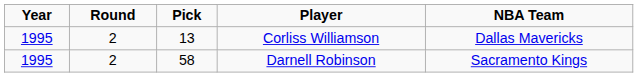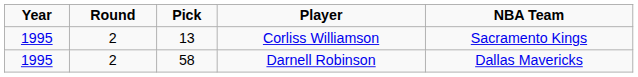 <table class="wikitable sortable" width="80%">
 <tr align="center">
 <td><strong>Year</strong></td>
 <td><strong>Round</strong></td>
 <td><strong>Pick</strong></td>
 <td><strong>Player</strong></td>
 <td><strong>NBA Team</strong></td>
 </tr>
 <tr align="center" bgcolor="">
 <td><a href='#'>1995</a></td>
 <td>2</td>
 <td>13</td>
 <td><a href='#'>Corliss Williamson</a></td>
-<td><a href='#'>Dallas Mavericks</a></td>
+<td><a href='#'>Sacramento Kings</a></td>
 </tr>
 <tr align="center" bgcolor="">
 <td><a href='#'>1995</a></td>
 <td>2</td>
 <td>58</td>
 <td><a href='#'>Darnell Robinson</a></td>
-<td><a href='#'>Sacramento Kings</a></td>
+<td><a href='#'>Dallas Mavericks</a></td>
 </tr>
 </table>
